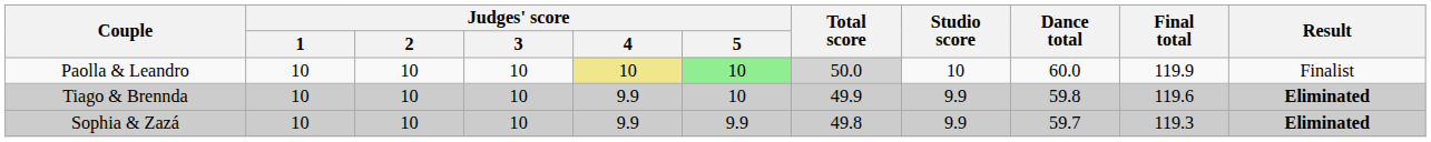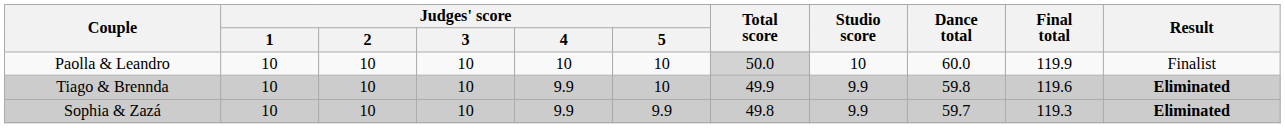 <table class="wikitable" style="font-size:100%; line-height:16px; text-align:center" width="100%">
 <tr>
 <th rowspan=2 width="11.0%">Couple</th>
 <th colspan=5 width="25.0%">Judges' score</th>
 <th rowspan=2 width="05.0%">Total<br>score</th>
 <th rowspan=2 width="05.0%">Studio<br>score</th>
 <th rowspan=2 width="05.0%">Dance<br>total</th>
 <th rowspan=2 width="05.0%">Final<br>total</th>
 <th rowspan=2 width="09.0%">Result</th>
 </tr>
 <tr>
 <th width="05.0%">1</th>
 <th width="05.0%">2</th>
 <th width="05.0%">3</th>
 <th width="05.0%">4</th>
 <th width="05.0%">5</th>
 </tr>
 <tr>
 <td>Paolla & Leandro</td>
 <td>10</td>
 <td>10</td>
 <td>10</td>
-<td style="background: khaki;">10</td>
-<td style="background: lightgreen;">10</td>
+<td>10</td>
+<td>10</td>
 <td style="background: lightgrey;">50.0</td>
 <td>10</td>
 <td>60.0</td>
 <td>119.9</td>
 <td>Finalist</td>
 </tr>
 <tr bgcolor=CCCCCC>
 <td>Tiago & Brennda</td>
 <td>10</td>
 <td>10</td>
 <td>10</td>
 <td>9.9</td>
 <td>10</td>
 <td>49.9</td>
 <td>9.9</td>
 <td>59.8</td>
 <td>119.6</td>
 <td><strong>Eliminated</strong></td>
 </tr>
 <tr bgcolor=CCCCCC>
 <td>Sophia & Zazá</td>
 <td>10</td>
 <td>10</td>
 <td>10</td>
 <td>9.9</td>
 <td>9.9</td>
 <td>49.8</td>
 <td>9.9</td>
 <td>59.7</td>
 <td>119.3</td>
 <td><strong>Eliminated</strong></td>
 </tr>
 <tr>
 </tr>
 </table>
